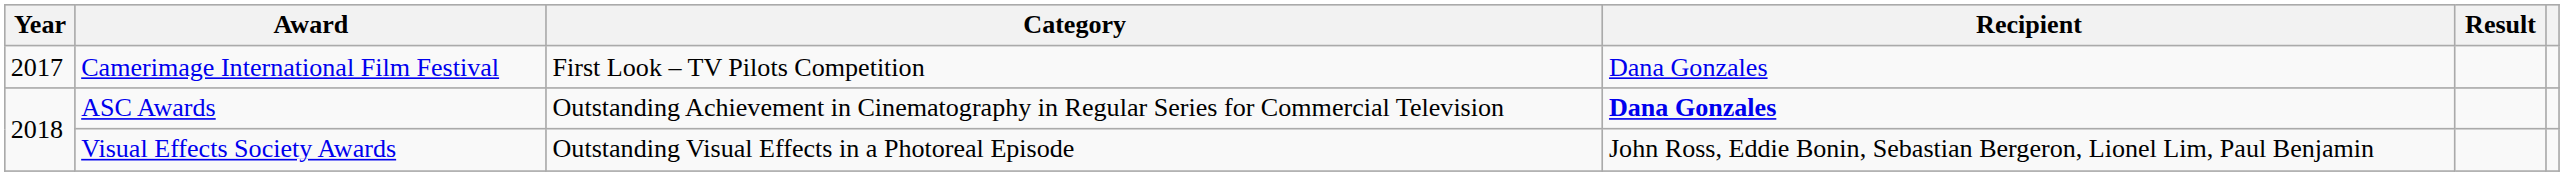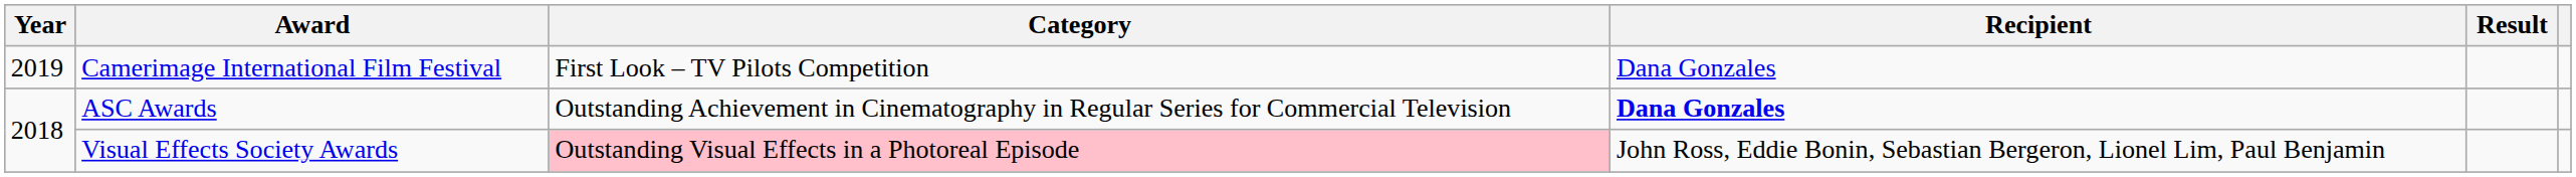 <table class="wikitable sortable" style="width: 99%;">
 <tr>
 <th>Year</th>
 <th>Award</th>
 <th>Category</th>
 <th>Recipient</th>
 <th>Result</th>
 <th scope="col" class="unsortable"></th>
 </tr>
 <tr>
-<td>2017</td>
+<td>2019</td>
 <td><a href='#'>Camerimage International Film Festival</a></td>
 <td>First Look – TV Pilots Competition</td>
 <td><a href='#'>Dana Gonzales</a></td>
 <td></td>
 <td style="text-align:center;"></td>
 </tr>
 <tr>
 <td rowspan="2">2018</td>
 <td><a href='#'>ASC Awards</a></td>
 <td>Outstanding Achievement in Cinematography in Regular Series for Commercial Television</td>
 <td><strong><a href='#'>Dana Gonzales</a></strong></td>
 <td></td>
 <td style="text-align:center;"></td>
 </tr>
 <tr>
 <td><a href='#'>Visual Effects Society Awards</a></td>
-<td>Outstanding Visual Effects in a Photoreal Episode</td>
+<td style="background: pink;">Outstanding Visual Effects in a Photoreal Episode</td>
 <td>John Ross, Eddie Bonin, Sebastian Bergeron, Lionel Lim, Paul Benjamin</td>
 <td></td>
 <td style="text-align:center;"></td>
 </tr>
 </table>
